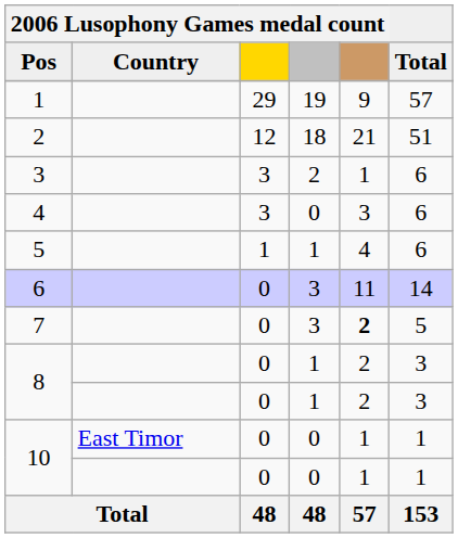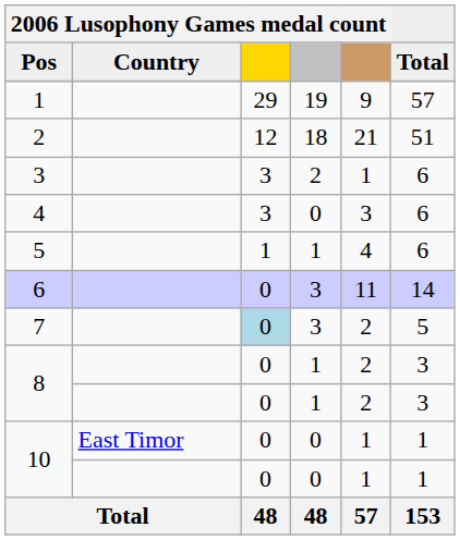 <table class="wikitable" style="text-align:center">
 <tr bgcolor="#efefef">
 <th colspan=5 style="border-right:0px;";>2006 Lusophony Games medal count</th>
 <td style="border-left:0px";></td>
 </tr>
 <tr bgcolor="#efefef">
 <td><strong>Pos</strong></td>
 <td><strong>Country</strong></td>
 <td bgcolor="gold"></td>
 <td bgcolor="silver"></td>
 <td bgcolor="CC9966"></td>
 <td><strong>Total</strong></td>
 </tr>
 <tr>
 </tr>
 <tr>
 </tr>
 <tr>
 <td>1</td>
 <td style="text-align:left"></td>
 <td>29</td>
 <td>19</td>
 <td>9</td>
 <td>57</td>
 </tr>
 <tr>
 <td>2</td>
 <td style="text-align:left"></td>
 <td>12</td>
 <td>18</td>
 <td>21</td>
 <td>51</td>
 </tr>
 <tr>
 <td>3</td>
 <td style="text-align:left"></td>
 <td>3</td>
 <td>2</td>
 <td>1</td>
 <td>6</td>
 </tr>
 <tr>
 <td>4</td>
 <td style="text-align:left"></td>
 <td>3</td>
 <td>0</td>
 <td>3</td>
 <td>6</td>
 </tr>
 <tr>
 <td>5</td>
 <td style="text-align:left"></td>
 <td>1</td>
 <td>1</td>
 <td>4</td>
 <td>6</td>
 </tr>
 <tr style="background:#ccf;">
 <td>6</td>
 <td style="text-align:left"></td>
 <td>0</td>
 <td>3</td>
 <td>11</td>
 <td>14</td>
 </tr>
 <tr>
 <td>7</td>
 <td style="text-align:left"></td>
-<td>0</td>
+<td style="background: lightblue;">0</td>
 <td>3</td>
-<td><strong>2</strong></td>
+<td>2</td>
 <td>5</td>
 </tr>
 <tr>
 <td rowspan=2>8</td>
 <td style="text-align:left"></td>
 <td>0</td>
 <td>1</td>
 <td>2</td>
 <td>3</td>
 </tr>
 <tr>
 <td style="text-align:left"></td>
 <td>0</td>
 <td>1</td>
 <td>2</td>
 <td>3</td>
 </tr>
 <tr>
 <td rowspan=2>10</td>
 <td style="text-align:left"> <a href='#'>East Timor</a></td>
 <td>0</td>
 <td>0</td>
 <td>1</td>
 <td>1</td>
 </tr>
 <tr>
 <td style="text-align:left"></td>
 <td>0</td>
 <td>0</td>
 <td>1</td>
 <td>1</td>
 </tr>
 <tr class="sortbottom">
 <th colspan=2>Total</th>
 <th><strong>48</strong></th>
 <th><strong>48</strong></th>
 <th><strong>57</strong></th>
 <th><strong>153</strong></th>
 </tr>
 </table>
